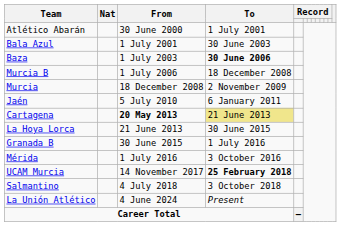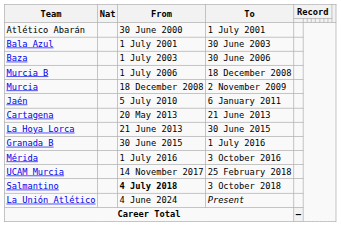 <table class="wikitable" style="text-align: center">
 <tr>
 <th rowspan="2">Team</th>
 <th rowspan="2">Nat</th>
 <th rowspan="2">From</th>
 <th rowspan="2">To</th>
 <th colspan="8">Record</th>
 <th rowspan=2></th>
 </tr>
 <tr>
 <th></th>
 <th></th>
 <th></th>
 <th></th>
 <th></th>
 <th></th>
 <th></th>
 <th></th>
 </tr>
 <tr>
 <td align=left>Atlético Abarán</td>
 <td></td>
 <td align=left>30 June 2000</td>
 <td align=left>1 July 2001<br></td>
 <td></td>
 </tr>
 <tr>
 <td align=left><a href='#'>Bala Azul</a></td>
 <td></td>
 <td align=left>1 July 2001</td>
 <td align=left>30 June 2003<br></td>
 <td></td>
 </tr>
 <tr>
 <td align=left><a href='#'>Baza</a></td>
 <td></td>
 <td align=left>1 July 2003</td>
-<td align=left><strong>30 June 2006<br></strong></td>
+<td align=left>30 June 2006<br></td>
 <td></td>
 </tr>
 <tr>
 <td align=left><a href='#'>Murcia B</a></td>
 <td></td>
 <td align=left>1 July 2006</td>
 <td align=left>18 December 2008<br></td>
 <td></td>
 </tr>
 <tr>
 <td align=left><a href='#'>Murcia</a></td>
 <td></td>
 <td align=left>18 December 2008</td>
 <td align=left>2 November 2009<br></td>
 <td></td>
 </tr>
 <tr>
 <td align=left><a href='#'>Jaén</a></td>
 <td></td>
 <td align=left>5 July 2010</td>
 <td align=left>6 January 2011<br></td>
 <td></td>
 </tr>
 <tr>
 <td align=left><a href='#'>Cartagena</a></td>
 <td></td>
-<td align=left><strong>20 May 2013</strong></td>
-<td align=left style="background: khaki;">21 June 2013<br></td>
+<td align=left>20 May 2013</td>
+<td align=left>21 June 2013<br></td>
 <td></td>
 </tr>
 <tr>
 <td align=left><a href='#'>La Hoya Lorca</a></td>
 <td></td>
 <td align=left>21 June 2013</td>
 <td align=left>30 June 2015<br></td>
 <td></td>
 </tr>
 <tr>
 <td align=left><a href='#'>Granada B</a></td>
 <td></td>
 <td align=left>30 June 2015</td>
 <td align=left>1 July 2016<br></td>
 <td></td>
 </tr>
 <tr>
 <td align=left><a href='#'>Mérida</a></td>
 <td></td>
 <td align=left>1 July 2016</td>
 <td align=left>3 October 2016<br></td>
 <td></td>
 </tr>
 <tr>
 <td align=left><a href='#'>UCAM Murcia</a></td>
 <td></td>
 <td align=left>14 November 2017</td>
-<td align=left><strong>25 February 2018<br></strong></td>
+<td align=left>25 February 2018<br></td>
 <td></td>
 </tr>
 <tr>
 <td align=left><a href='#'>Salmantino</a></td>
 <td></td>
-<td align=left>4 July 2018</td>
+<td align=left><strong>4 July 2018</strong></td>
 <td align=left>3 October 2018<br></td>
 <td></td>
 </tr>
 <tr>
 <td align=left><a href='#'>La Unión Atlético</a></td>
 <td></td>
 <td align=left>4 June 2024</td>
 <td align=left><em>Present</em><br></td>
 <td></td>
 </tr>
 <tr>
 <td colspan=4><strong>Career Total</strong><br></td>
 <th>—</th>
 </tr>
 </table>
